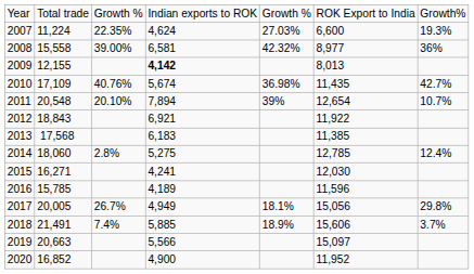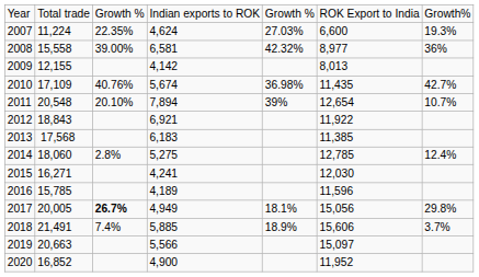 <table class="wikitable">
 <tr>
 <td>Year</td>
 <td>Total trade</td>
 <td>Growth %</td>
 <td>Indian exports to ROK</td>
 <td>Growth %</td>
 <td>ROK Export to India</td>
 <td>Growth%</td>
 </tr>
 <tr>
 <td>2007</td>
 <td>11,224</td>
 <td>22.35%</td>
 <td>4,624</td>
 <td>27.03%</td>
 <td>6,600</td>
 <td>19.3%</td>
 </tr>
 <tr>
 <td>2008</td>
 <td>15,558</td>
 <td>39.00%</td>
 <td>6,581</td>
 <td>42.32%</td>
 <td>8,977</td>
 <td>36%</td>
 </tr>
 <tr>
 <td>2009</td>
 <td>12,155</td>
 <td></td>
-<td><strong>4,142</strong></td>
+<td>4,142</td>
 <td></td>
 <td>8,013</td>
 <td></td>
 </tr>
 <tr>
 <td>2010</td>
 <td>17,109</td>
 <td>40.76%</td>
 <td>5,674</td>
 <td>36.98%</td>
 <td>11,435</td>
 <td>42.7%</td>
 </tr>
 <tr>
 <td>2011</td>
 <td>20,548</td>
 <td>20.10%</td>
 <td>7,894</td>
 <td>39%</td>
 <td>12,654</td>
 <td>10.7%</td>
 </tr>
 <tr>
 <td>2012</td>
 <td>18,843</td>
 <td></td>
 <td>6,921</td>
 <td></td>
 <td>11,922</td>
 <td></td>
 </tr>
 <tr>
 <td>2013</td>
 <td> 17,568</td>
 <td></td>
 <td>6,183</td>
 <td></td>
 <td>11,385</td>
 <td></td>
 </tr>
 <tr>
 <td>2014</td>
 <td>18,060</td>
 <td>2.8%</td>
 <td>5,275</td>
 <td></td>
 <td>12,785</td>
 <td>12.4%</td>
 </tr>
 <tr>
 <td>2015</td>
 <td>16,271</td>
 <td></td>
 <td>4,241</td>
 <td></td>
 <td>12,030</td>
 <td></td>
 </tr>
 <tr>
 <td>2016</td>
 <td>15,785</td>
 <td></td>
 <td>4,189</td>
 <td></td>
 <td>11,596</td>
 <td></td>
 </tr>
 <tr>
 <td>2017</td>
 <td>20,005</td>
-<td>26.7%</td>
+<td><strong>26.7%</strong></td>
 <td>4,949</td>
 <td>18.1%</td>
 <td>15,056</td>
 <td>29.8%</td>
 </tr>
 <tr>
 <td>2018</td>
 <td>21,491</td>
 <td>7.4%</td>
 <td>5,885</td>
 <td>18.9%</td>
 <td>15,606</td>
 <td>3.7%</td>
 </tr>
 <tr>
 <td>2019</td>
 <td>20,663</td>
 <td></td>
 <td>5,566</td>
 <td></td>
 <td>15,097</td>
 <td></td>
 </tr>
 <tr>
 <td>2020</td>
 <td>16,852</td>
 <td></td>
 <td>4,900</td>
 <td></td>
 <td>11,952</td>
 <td></td>
 </tr>
 </table>
